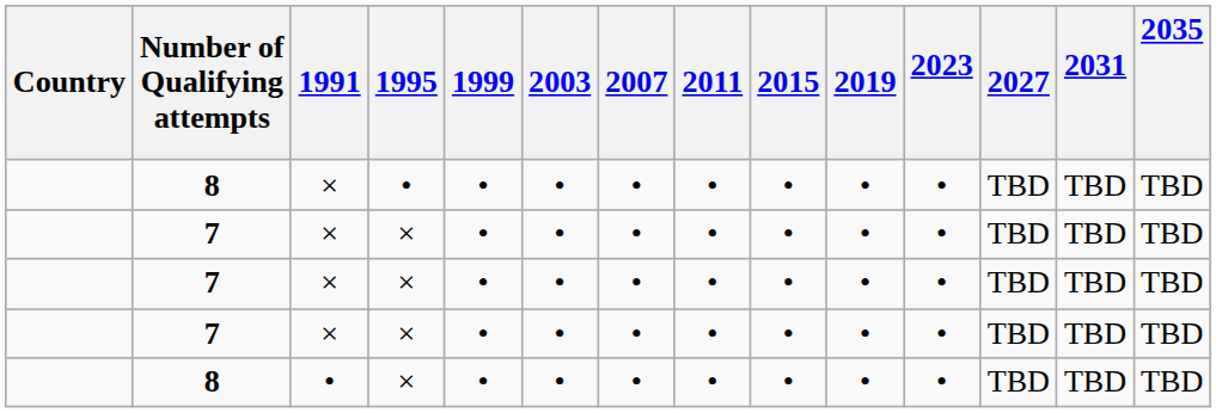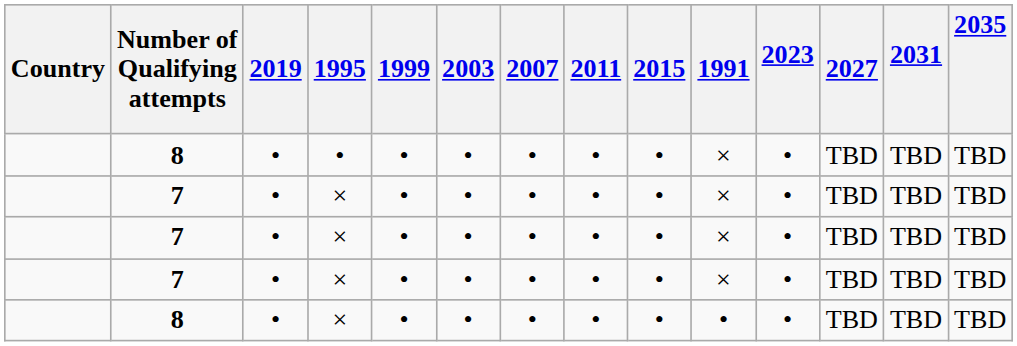 <table class="wikitable" style="text-align: center;">
 <tr>
 <th>Country</th>
 <th>Number of <br> Qualifying <br> attempts</th>
-<th><a href='#'>1991</a><br></th>
+<th><a href='#'>2019</a><br></th>
 <th><a href='#'>1995</a><br></th>
 <th><a href='#'>1999</a><br></th>
 <th><a href='#'>2003</a><br></th>
 <th><a href='#'>2007</a><br></th>
 <th><a href='#'>2011</a><br></th>
 <th><a href='#'>2015</a><br></th>
-<th><a href='#'>2019</a><br></th>
+<th><a href='#'>1991</a><br></th>
 <th><a href='#'>2023</a><br><br></th>
 <th><a href='#'>2027</a><br></th>
 <th><a href='#'>2031</a><br><br></th>
 <th><a href='#'>2035</a><br><br><br><br></th>
 </tr>
 <tr>
 <td style="text-align: left;"></td>
 <td><strong>8</strong></td>
-<td>×</td>
 <td>•</td>
 <td>•</td>
 <td>•</td>
 <td>•</td>
 <td>•</td>
 <td>•</td>
 <td>•</td>
+<td>×</td>
 <td>•</td>
 <td>TBD</td>
 <td>TBD</td>
 <td>TBD</td>
 </tr>
 <tr>
 <td style="text-align: left;"></td>
 <td><strong>7</strong></td>
-<td>×</td>
+<td>•</td>
 <td>×</td>
 <td>•</td>
 <td>•</td>
 <td>•</td>
 <td>•</td>
 <td>•</td>
-<td>•</td>
+<td>×</td>
 <td>•</td>
 <td>TBD</td>
 <td>TBD</td>
 <td>TBD</td>
 </tr>
 <tr>
 <td style="text-align: left;"></td>
 <td><strong>7</strong></td>
-<td>×</td>
+<td>•</td>
 <td>×</td>
 <td>•</td>
 <td>•</td>
 <td>•</td>
 <td>•</td>
 <td>•</td>
-<td>•</td>
+<td>×</td>
 <td>•</td>
 <td>TBD</td>
 <td>TBD</td>
 <td>TBD</td>
 </tr>
 <tr>
 <td style="text-align: left;"></td>
 <td><strong>7</strong></td>
-<td>×</td>
+<td>•</td>
 <td>×</td>
 <td>•</td>
 <td>•</td>
 <td>•</td>
 <td>•</td>
 <td>•</td>
-<td>•</td>
+<td>×</td>
 <td>•</td>
 <td>TBD</td>
 <td>TBD</td>
 <td>TBD</td>
 </tr>
 <tr>
 <td style="text-align: left;"></td>
 <td><strong>8</strong></td>
 <td>•</td>
 <td>×</td>
 <td>•</td>
 <td>•</td>
 <td>•</td>
 <td>•</td>
 <td>•</td>
 <td>•</td>
 <td>•</td>
 <td>TBD</td>
 <td>TBD</td>
 <td>TBD</td>
 </tr>
 </table>
